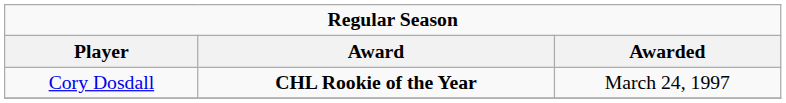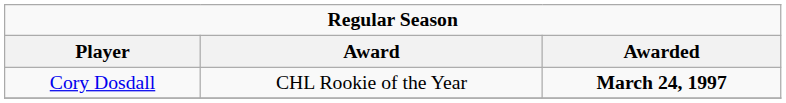 <table class="wikitable"  style="width:50%; text-align:center;">
 <tr>
 <td colspan="10" style="text-align:center;"><strong>Regular Season</strong></td>
 </tr>
 <tr>
 <th>Player</th>
 <th>Award</th>
 <th>Awarded</th>
 </tr>
 <tr>
 <td><a href='#'>Cory Dosdall</a></td>
-<td><strong>CHL Rookie of the Year</strong></td>
-<td>March 24, 1997 </td>
+<td>CHL Rookie of the Year</td>
+<td><strong>March 24, 1997 </strong></td>
 </tr>
 <tr>
 </tr>
 </table>
